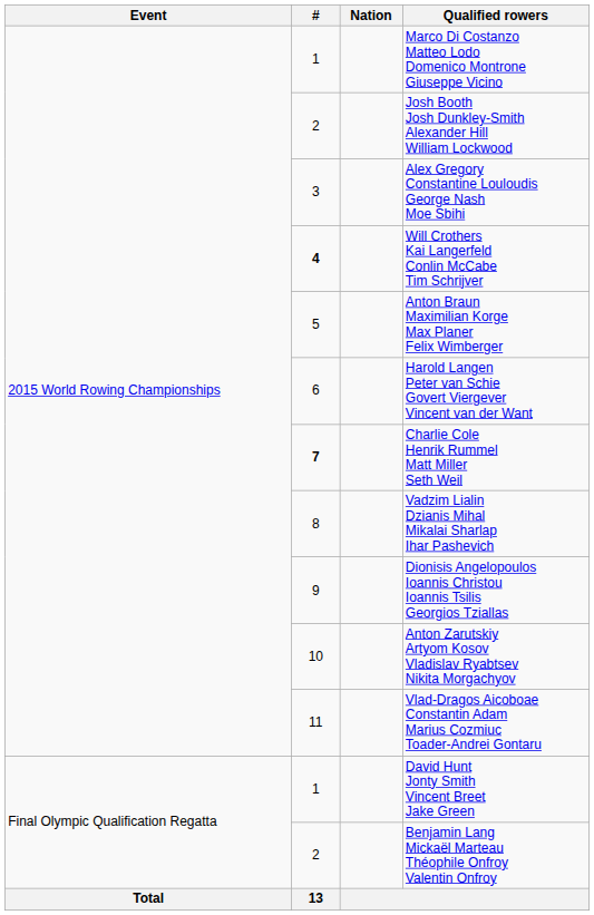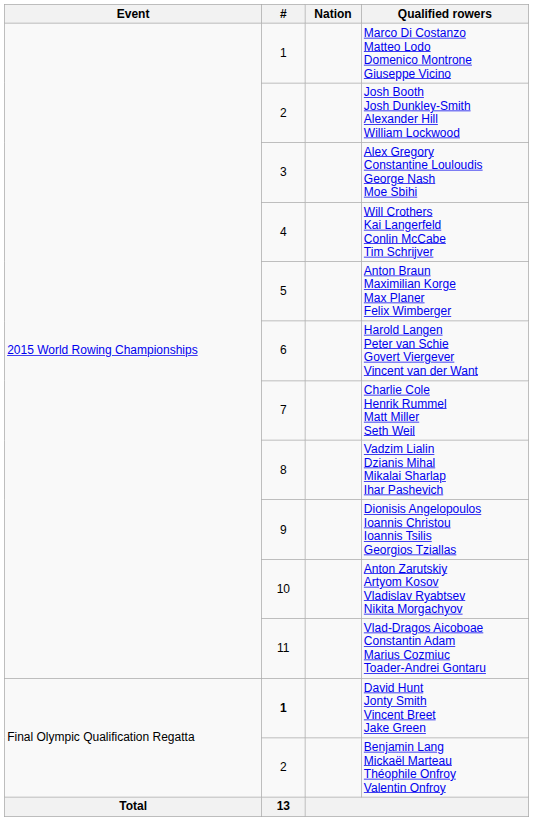 <table class="wikitable"  style="width:700px; text-align:center;">
 <tr>
 <th>Event</th>
 <th width=50>#</th>
 <th>Nation</th>
 <th>Qualified rowers</th>
 </tr>
 <tr>
 <td rowspan=11 align=left><a href='#'>2015 World Rowing Championships</a></td>
 <td>1</td>
 <td align=left></td>
 <td align=left><a href='#'>Marco Di Costanzo</a><br><a href='#'>Matteo Lodo</a><br><a href='#'>Domenico Montrone</a><br><a href='#'>Giuseppe Vicino</a></td>
 </tr>
 <tr>
 <td>2</td>
 <td align=left></td>
 <td align=left><a href='#'>Josh Booth</a><br><a href='#'>Josh Dunkley-Smith</a><br><a href='#'>Alexander Hill</a><br><a href='#'>William Lockwood</a></td>
 </tr>
 <tr>
 <td>3</td>
 <td align=left></td>
 <td align=left><a href='#'>Alex Gregory</a><br><a href='#'>Constantine Louloudis</a><br><a href='#'>George Nash</a><br><a href='#'>Moe Sbihi</a></td>
 </tr>
 <tr>
-<td><strong>4</strong></td>
+<td>4</td>
 <td align=left></td>
 <td align=left><a href='#'>Will Crothers</a><br><a href='#'>Kai Langerfeld</a><br><a href='#'>Conlin McCabe</a><br><a href='#'>Tim Schrijver</a></td>
 </tr>
 <tr>
 <td>5</td>
 <td align=left></td>
 <td align=left><a href='#'>Anton Braun</a><br><a href='#'>Maximilian Korge</a><br><a href='#'>Max Planer</a><br><a href='#'>Felix Wimberger</a></td>
 </tr>
 <tr>
 <td>6</td>
 <td align=left></td>
 <td align=left><a href='#'>Harold Langen</a><br><a href='#'>Peter van Schie</a><br><a href='#'>Govert Viergever</a><br><a href='#'>Vincent van der Want</a></td>
 </tr>
 <tr>
-<td><strong>7</strong></td>
+<td>7</td>
 <td align=left></td>
 <td align=left><a href='#'>Charlie Cole</a><br><a href='#'>Henrik Rummel</a><br><a href='#'>Matt Miller</a><br><a href='#'>Seth Weil</a></td>
 </tr>
 <tr>
 <td>8</td>
 <td align=left></td>
 <td align=left><a href='#'>Vadzim Lialin</a><br><a href='#'>Dzianis Mihal</a><br><a href='#'>Mikalai Sharlap</a><br><a href='#'>Ihar Pashevich</a></td>
 </tr>
 <tr>
 <td>9</td>
 <td align=left></td>
 <td align=left><a href='#'>Dionisis Angelopoulos</a><br><a href='#'>Ioannis Christou</a><br><a href='#'>Ioannis Tsilis</a><br><a href='#'>Georgios Tziallas</a></td>
 </tr>
 <tr>
 <td>10</td>
 <td align=left></td>
 <td align=left><a href='#'>Anton Zarutskiy</a><br><a href='#'>Artyom Kosov</a><br><a href='#'>Vladislav Ryabtsev</a><br><a href='#'>Nikita Morgachyov</a></td>
 </tr>
 <tr>
 <td>11</td>
 <td align=left></td>
 <td align=left><a href='#'>Vlad-Dragos Aicoboae</a><br><a href='#'>Constantin Adam</a><br><a href='#'>Marius Cozmiuc</a><br><a href='#'>Toader-Andrei Gontaru</a></td>
 </tr>
 <tr>
 <td rowspan=2 align=left>Final Olympic Qualification Regatta</td>
-<td>1</td>
+<td><strong>1</strong></td>
 <td align=left></td>
 <td align=left><a href='#'>David Hunt</a><br><a href='#'>Jonty Smith</a><br><a href='#'>Vincent Breet</a><br><a href='#'>Jake Green</a></td>
 </tr>
 <tr>
 <td>2</td>
 <td align=left></td>
 <td align=left><a href='#'>Benjamin Lang</a><br><a href='#'>Mickaël Marteau</a><br><a href='#'>Théophile Onfroy</a><br><a href='#'>Valentin Onfroy</a></td>
 </tr>
 <tr>
 <th>Total</th>
 <th>13</th>
 <th colspan=2></th>
 </tr>
 </table>
